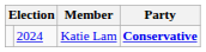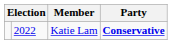 <table class="wikitable">
 <tr>
 <th colspan="2">Election</th>
 <th>Member</th>
 <th>Party</th>
 </tr>
 <tr>
 <td style="color:inherit;background-color: "></td>
-<td><a href='#'>2024</a></td>
+<td><a href='#'>2022</a></td>
 <td><a href='#'>Katie Lam</a></td>
 <td><strong><a href='#'>Conservative</a></strong></td>
 </tr>
 </table>
